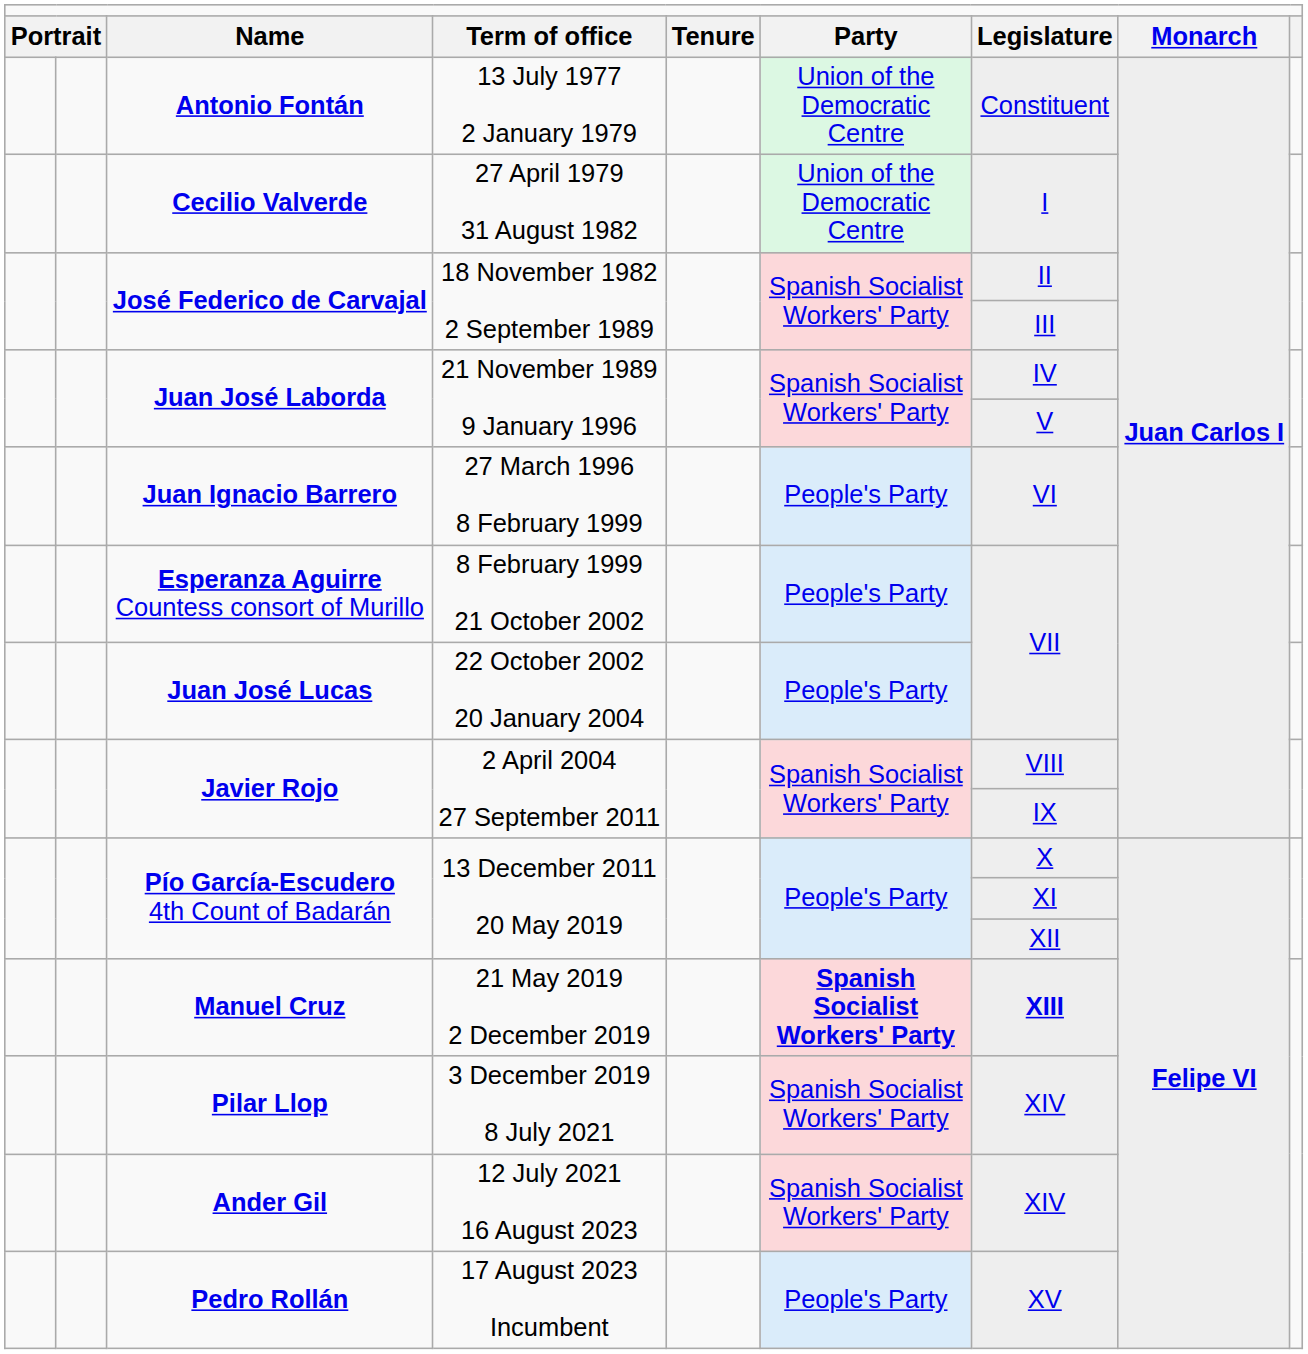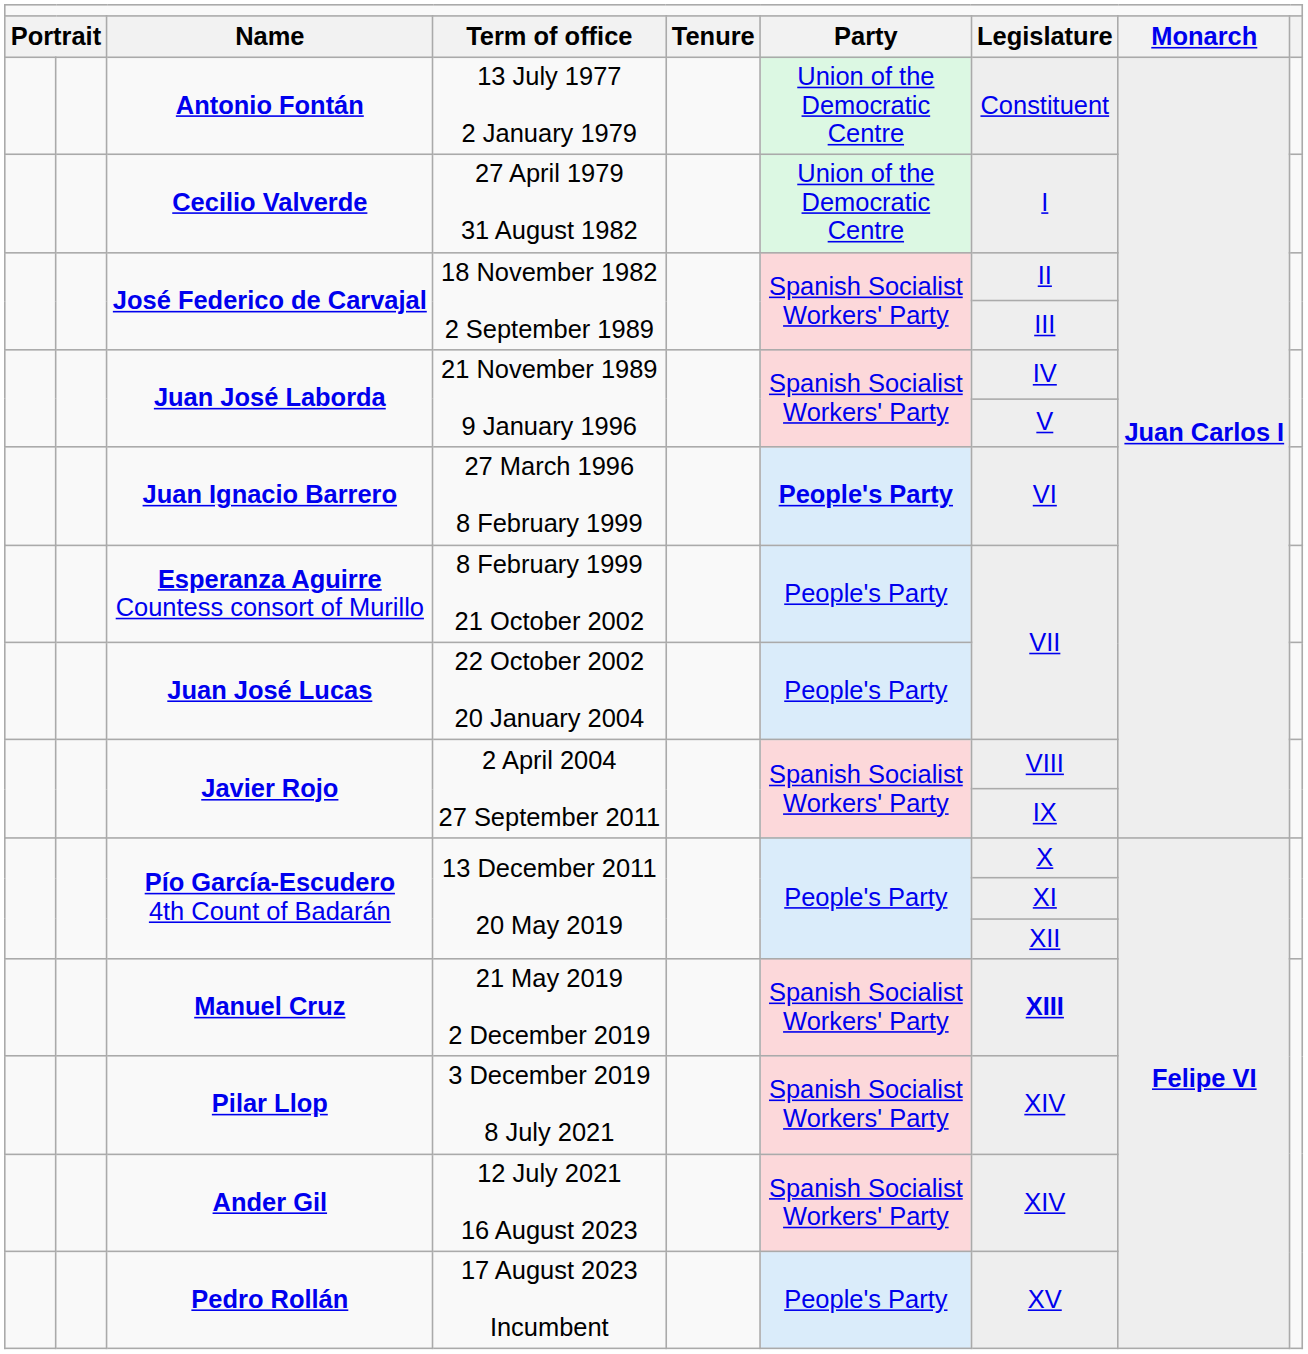 <table class="wikitable plainrowheaders" style="text-align:center;">
 <tr>
 <td colspan=9></td>
 </tr>
 <tr>
 <th colspan=2>Portrait</th>
 <th>Name<br></th>
 <th>Term of office</th>
 <th>Tenure<br></th>
 <th width=125px>Party</th>
 <th>Legislature</th>
 <th><a href='#'>Monarch</a><br></th>
 <th></th>
 </tr>
 <tr>
 <td></td>
 <td></td>
 <td><strong><a href='#'>Antonio Fontán</a></strong><br></td>
 <td class=nowrap>13 July 1977<br><br>2 January 1979</td>
 <td style=font-size:85%;></td>
 <td bgcolor=#DCF8E3><a href='#'>Union of the<br>Democratic Centre</a></td>
 <td bgcolor=#EEEEEE><a href='#'>Constituent<br></a></td>
 <td rowspan=13 bgcolor=#EEEEEE><strong><a href='#'>Juan Carlos I</a></strong><br><br></td>
 <td></td>
 </tr>
 <tr>
 <td></td>
 <td></td>
 <td><strong><a href='#'>Cecilio Valverde</a></strong><br></td>
 <td class=nowrap>27 April 1979<br><br>31 August 1982</td>
 <td style=font-size:85%;></td>
 <td bgcolor=#DCF8E3><a href='#'>Union of the<br>Democratic Centre</a></td>
 <td bgcolor=#EEEEEE><a href='#'>I<br></a></td>
 <td></td>
 </tr>
 <tr>
 <td rowspan=2></td>
 <td rowspan=2></td>
 <td rowspan=2><strong><a href='#'>José Federico de Carvajal</a></strong><br></td>
 <td rowspan=2 class=nowrap>18 November 1982<br><br>2 September 1989</td>
 <td rowspan=2 style=font-size:85%;></td>
 <td rowspan=2 bgcolor=#FCD8DA><a href='#'>Spanish Socialist<br>Workers' Party</a></td>
 <td bgcolor=#EEEEEE><a href='#'>II<br></a></td>
 <td rowspan=2></td>
 </tr>
 <tr>
 <td bgcolor=#EEEEEE><a href='#'>III<br></a></td>
 </tr>
 <tr>
 <td rowspan=2></td>
 <td rowspan=2></td>
 <td rowspan=2><strong><a href='#'>Juan José Laborda</a></strong><br></td>
 <td rowspan=2 class=nowrap>21 November 1989<br><br>9 January 1996</td>
 <td rowspan=2 style=font-size:85%;></td>
 <td rowspan=2 bgcolor=#FCD8DA><a href='#'>Spanish Socialist<br>Workers' Party</a></td>
 <td bgcolor=#EEEEEE><a href='#'>IV<br></a></td>
 <td rowspan=2></td>
 </tr>
 <tr>
 <td bgcolor=#EEEEEE><a href='#'>V<br></a></td>
 </tr>
 <tr>
 <td></td>
 <td></td>
 <td><strong><a href='#'>Juan Ignacio Barrero</a></strong><br></td>
 <td class=nowrap>27 March 1996<br><br>8 February 1999</td>
 <td style=font-size:85%;></td>
-<td bgcolor=#DAECFA><a href='#'>People's Party</a></td>
+<td bgcolor=#DAECFA><strong><a href='#'>People's Party</a></strong></td>
 <td rowspan=2 bgcolor=#EEEEEE><a href='#'>VI<br></a></td>
 <td></td>
 </tr>
 <tr>
 <td rowspan=2></td>
 <td rowspan=2></td>
 <td rowspan=2><a href='#'><strong>Esperanza Aguirre</strong><br>Countess consort of Murillo</a><br></td>
 <td rowspan=2 class=nowrap>8 February 1999<br><br>21 October 2002</td>
 <td rowspan=2 style=font-size:85%;></td>
 <td rowspan=2 bgcolor=#DAECFA><a href='#'>People's Party</a></td>
 <td rowspan=2></td>
 </tr>
 <tr>
 <td rowspan=2 bgcolor=#EEEEEE><a href='#'>VII<br></a></td>
 </tr>
 <tr>
 <td></td>
 <td></td>
 <td><strong><a href='#'>Juan José Lucas</a></strong><br></td>
 <td class=nowrap>22 October 2002<br><br>20 January 2004</td>
 <td style=font-size:85%;></td>
 <td bgcolor=#DAECFA><a href='#'>People's Party</a></td>
 <td></td>
 </tr>
 <tr>
 <td rowspan=2></td>
 <td rowspan=2></td>
 <td rowspan=2><strong><a href='#'>Javier Rojo</a></strong><br></td>
 <td rowspan=2 class=nowrap>2 April 2004<br><br>27 September 2011</td>
 <td rowspan=2 style=font-size:85%;></td>
 <td rowspan=2 bgcolor=#FCD8DA><a href='#'>Spanish Socialist<br>Workers' Party</a></td>
 <td bgcolor=#EEEEEE><a href='#'>VIII<br></a></td>
 <td rowspan=2></td>
 </tr>
 <tr>
 <td bgcolor=#EEEEEE><a href='#'>IX<br></a></td>
 </tr>
 <tr>
 <td rowspan=4></td>
 <td rowspan=4></td>
 <td rowspan=4><a href='#'><strong>Pío García-Escudero</strong><br>4th Count of Badarán</a><br></td>
 <td rowspan=4 class=nowrap>13 December 2011<br><br>20 May 2019</td>
 <td rowspan=4 style=font-size:85%;></td>
 <td rowspan=4 bgcolor=#DAECFA><a href='#'>People's Party</a></td>
 <td rowspan=2 bgcolor=#EEEEEE><a href='#'>X<br></a></td>
 <td rowspan=4></td>
 </tr>
 <tr>
 <td rowspan=7 bgcolor=#EEEEEE><strong><a href='#'>Felipe VI</a></strong><br><br></td>
 </tr>
 <tr>
 <td bgcolor=#EEEEEE><a href='#'>XI<br></a></td>
 </tr>
 <tr>
 <td bgcolor=#EEEEEE><a href='#'>XII<br></a></td>
 </tr>
 <tr>
 <td></td>
 <td></td>
 <td><strong><a href='#'>Manuel Cruz</a></strong><br></td>
 <td class=nowrap>21 May 2019<br><br>2 December 2019</td>
 <td style=font-size:85%;></td>
-<td bgcolor=#FCD8DA><strong><a href='#'>Spanish Socialist<br>Workers' Party</a></strong></td>
+<td bgcolor=#FCD8DA><a href='#'>Spanish Socialist<br>Workers' Party</a></td>
 <td bgcolor=#EEEEEE><strong><a href='#'>XIII<br></a></strong></td>
 </tr>
 <tr>
 <td></td>
 <td></td>
 <td><strong><a href='#'>Pilar Llop</a></strong><br></td>
 <td class=nowrap>3 December 2019<br><br>8 July 2021</td>
 <td style=font-size:85%;></td>
 <td bgcolor=#FCD8DA><a href='#'>Spanish Socialist<br>Workers' Party</a></td>
 <td bgcolor=#EEEEEE><a href='#'>XIV<br></a></td>
 </tr>
 <tr>
 <td></td>
 <td></td>
 <td><strong><a href='#'>Ander Gil</a></strong><br></td>
 <td class=nowrap>12 July 2021<br><br>16 August 2023</td>
 <td style=font-size:85%;></td>
 <td bgcolor=#FCD8DA><a href='#'>Spanish Socialist<br>Workers' Party</a></td>
 <td bgcolor=#EEEEEE><a href='#'>XIV<br></a></td>
 </tr>
 <tr>
 <td></td>
 <td></td>
 <td><strong><a href='#'>Pedro Rollán</a></strong><br></td>
 <td class=nowrap>17 August 2023<br><br>Incumbent</td>
 <td style=font-size:85%;></td>
 <td bgcolor=#DAECFA><a href='#'>People's Party</a></td>
 <td bgcolor=#EEEEEE><a href='#'>XV<br></a></td>
 </tr>
 </table>
